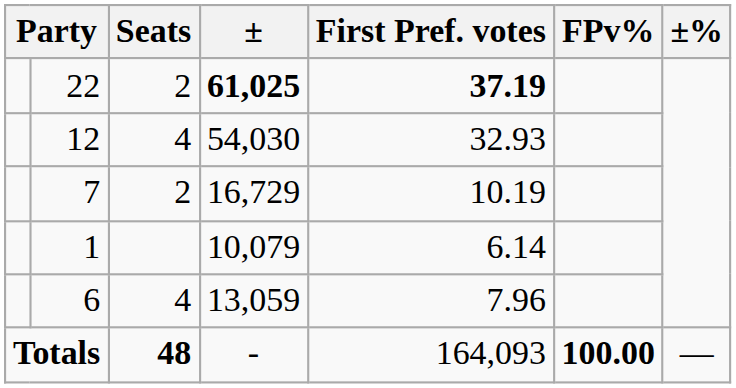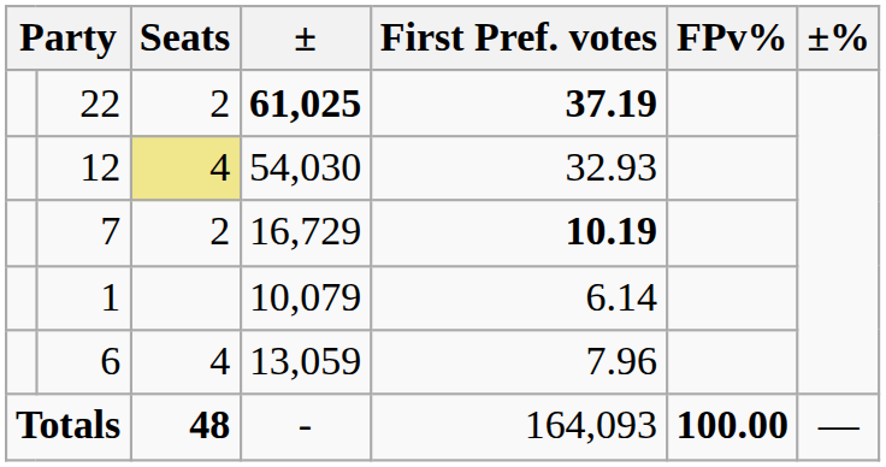 <table class=wikitable>
 <tr>
 <th colspan=2 align=center>Party</th>
 <th valign=top>Seats</th>
 <th valign=top>±</th>
 <th valign=top>First Pref. votes</th>
 <th valign=top>FPv%</th>
 <th valign=top>±%</th>
 </tr>
 <tr>
 <td></td>
 <td align=right>22</td>
 <td align=right>2</td>
 <td align=right><strong>61,025</strong></td>
 <td align=right><strong>37.19</strong></td>
 <td align=right></td>
 </tr>
 <tr>
 <td></td>
 <td align=right>12</td>
-<td align=right>4</td>
+<td align=right style="background: khaki;">4</td>
 <td align=right>54,030</td>
 <td align=right>32.93</td>
 <td align=right></td>
 </tr>
 <tr>
 <td></td>
 <td align=right>7</td>
 <td align=right>2</td>
 <td align=right>16,729</td>
-<td align=right>10.19</td>
+<td align=right><strong>10.19</strong></td>
 <td align=right></td>
 </tr>
 <tr>
 <td></td>
 <td align=right>1</td>
 <td align=right></td>
 <td align=right>10,079</td>
 <td align=right>6.14</td>
 <td align=right></td>
 </tr>
 <tr>
 <td></td>
 <td align=right>6</td>
 <td align=right>4</td>
 <td align=right>13,059</td>
 <td align=right>7.96</td>
 <td align=right></td>
 </tr>
 <tr>
 <td colspan=2 align=center><strong>Totals</strong></td>
 <td align=right><strong>48</strong></td>
 <td align=center>-</td>
 <td align=right>164,093</td>
 <td align=center><strong>100.00</strong></td>
 <td align=center>—</td>
 </tr>
 </table>
